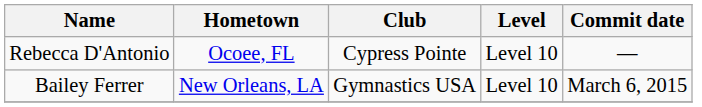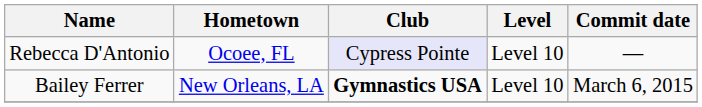 <table class="wikitable sortable" style="text-align:center;">
 <tr>
 <th>Name</th>
 <th>Hometown</th>
 <th>Club</th>
 <th>Level</th>
 <th>Commit date</th>
 </tr>
 <tr>
 <td>Rebecca D'Antonio</td>
 <td><a href='#'>Ocoee, FL</a></td>
-<td>Cypress Pointe</td>
+<td style="background: lavender;">Cypress Pointe</td>
 <td>Level 10</td>
 <td>—</td>
 </tr>
 <tr>
 <td>Bailey Ferrer</td>
 <td><a href='#'>New Orleans, LA</a></td>
-<td>Gymnastics USA</td>
+<td><strong>Gymnastics USA</strong></td>
 <td>Level 10</td>
 <td>March 6, 2015</td>
 </tr>
 <tr>
 </tr>
 </table>
